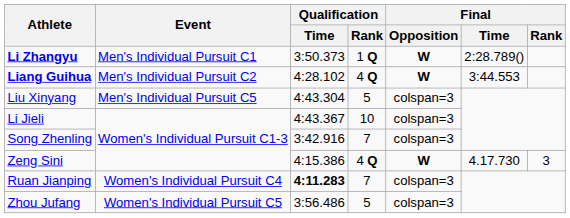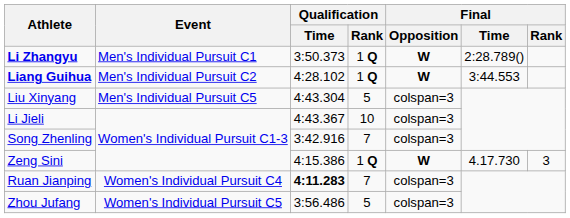 <table class=wikitable>
 <tr>
 <th rowspan="2">Athlete</th>
 <th rowspan="2">Event</th>
 <th colspan="2">Qualification</th>
 <th colspan="3">Final</th>
 </tr>
 <tr>
 <th>Time</th>
 <th>Rank</th>
 <th>Opposition</th>
 <th>Time</th>
 <th>Rank</th>
 </tr>
 <tr align=center>
 <td align=left><strong><a href='#'>Li Zhangyu</a></strong></td>
 <td align=left><a href='#'>Men's Individual Pursuit C1</a></td>
 <td>3:50.373 </td>
 <td>1 <strong>Q</strong></td>
 <td> <strong>W</strong></td>
 <td>2:28.789()</td>
 <td></td>
 </tr>
 <tr align=center>
 <td align=left><strong><a href='#'>Liang Guihua</a></strong></td>
 <td align=left><a href='#'>Men's Individual Pursuit C2</a></td>
 <td>4:28.102</td>
-<td>4 <strong>Q</strong></td>
+<td>1 <strong>Q</strong></td>
 <td> <strong>W</strong></td>
 <td>3:44.553</td>
 <td></td>
 </tr>
 <tr align=center>
 <td align=left><a href='#'>Liu Xinyang</a></td>
 <td align=left><a href='#'>Men's Individual Pursuit C5</a></td>
 <td>4:43.304</td>
 <td>5</td>
 <td>colspan=3 </td>
 </tr>
 <tr align=center>
 <td align=left><a href='#'>Li Jieli</a></td>
 <td align=left rowspan=3><a href='#'>Women's Individual Pursuit C1-3</a></td>
 <td>4:43.367</td>
 <td>10</td>
 <td>colspan=3 </td>
 </tr>
 <tr align=center>
 <td align=left><a href='#'>Song Zhenling</a></td>
 <td>3:42.916</td>
 <td>7</td>
 <td>colspan=3 </td>
 </tr>
 <tr align=center>
 <td align=left><a href='#'>Zeng Sini</a></td>
 <td>4:15.386</td>
-<td>4 <strong>Q</strong></td>
+<td>1 <strong>Q</strong></td>
 <td> <strong>W</strong></td>
 <td>4.17.730</td>
 <td>3</td>
 </tr>
 <tr align=center>
 <td align=left><a href='#'>Ruan Jianping</a></td>
 <td><a href='#'>Women's Individual Pursuit C4</a></td>
 <td><strong>4:11.283</strong></td>
 <td>7</td>
 <td>colspan=3 </td>
 </tr>
 <tr align=center>
 <td align=left><a href='#'>Zhou Jufang</a></td>
 <td><a href='#'>Women's Individual Pursuit C5</a></td>
 <td>3:56.486</td>
 <td>5</td>
 <td>colspan=3 </td>
 </tr>
 </table>
